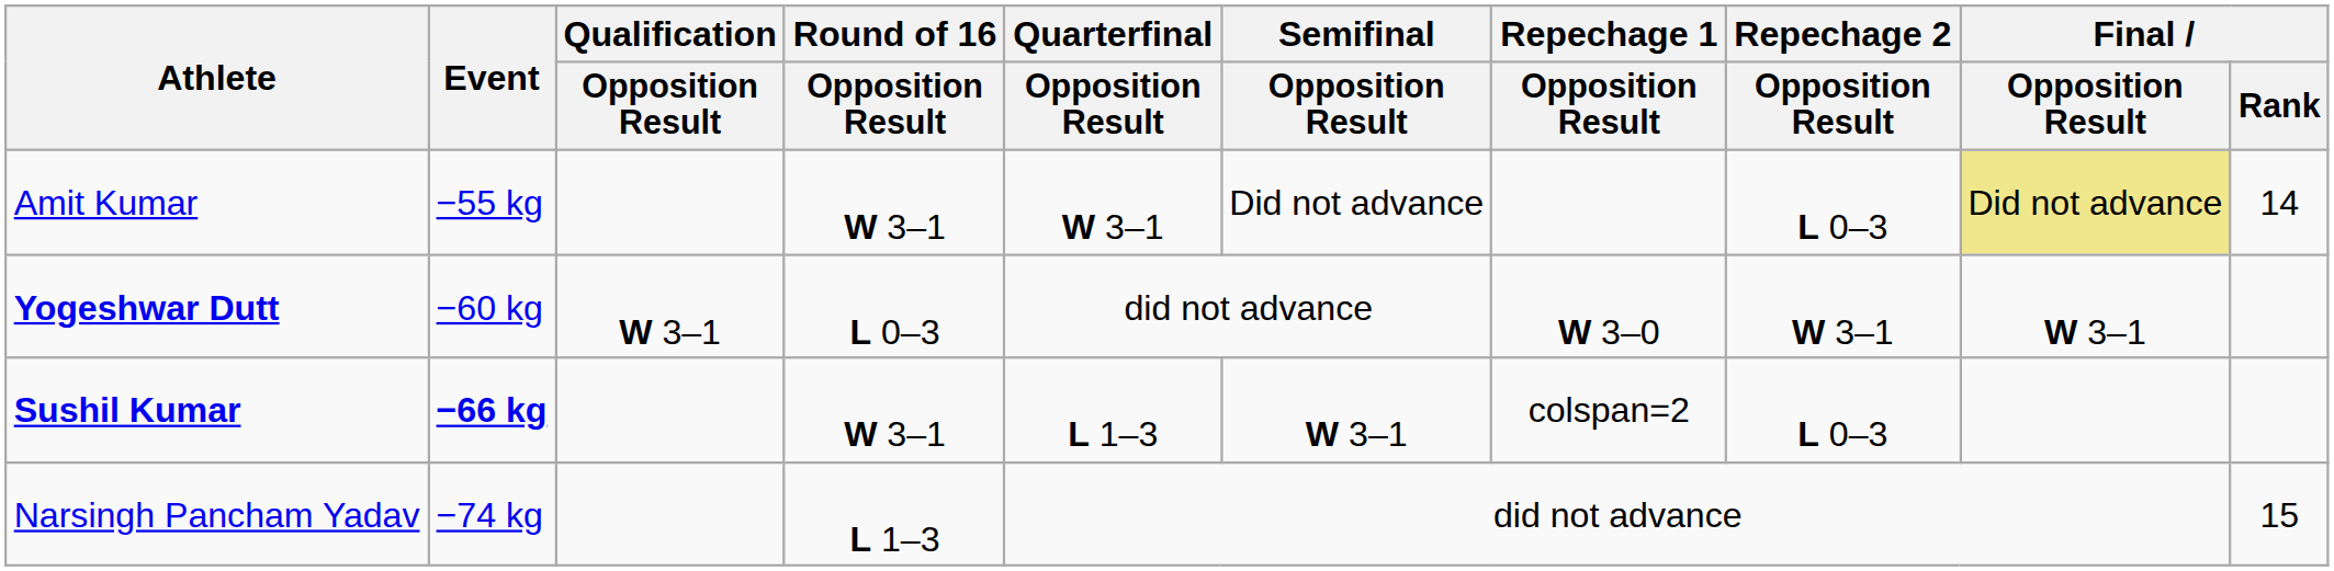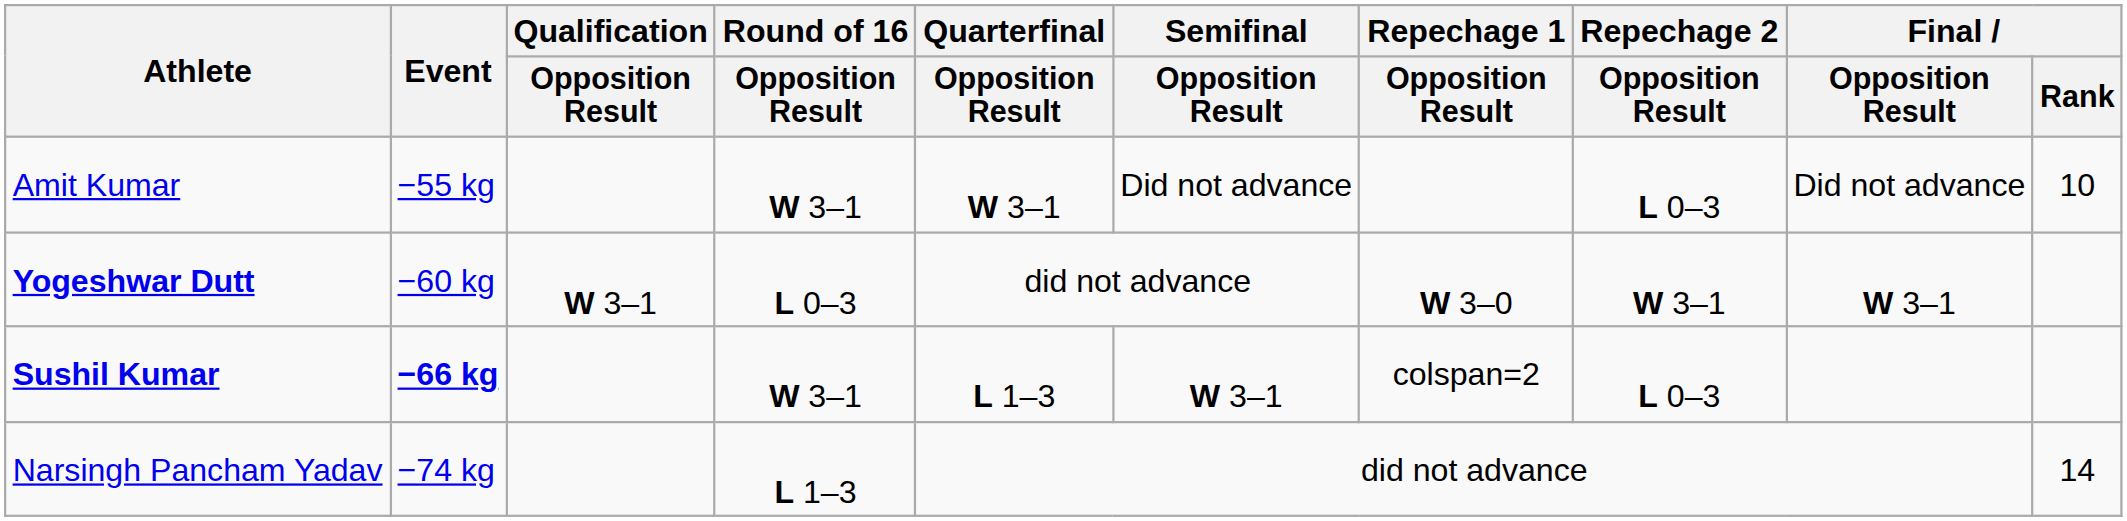 <table class="wikitable" style="font-size:90%">
 <tr>
 <th rowspan="2">Athlete</th>
 <th rowspan="2">Event</th>
 <th>Qualification</th>
 <th>Round of 16</th>
 <th>Quarterfinal</th>
 <th>Semifinal</th>
 <th>Repechage 1</th>
 <th>Repechage 2</th>
 <th colspan=2>Final / </th>
 </tr>
 <tr style="font-size: 95%">
 <th>Opposition<br>Result</th>
 <th>Opposition<br>Result</th>
 <th>Opposition<br>Result</th>
 <th>Opposition<br>Result</th>
 <th>Opposition<br>Result</th>
 <th>Opposition<br>Result</th>
 <th>Opposition<br>Result</th>
 <th>Rank</th>
 </tr>
 <tr align=center>
 <td align=left><a href='#'>Amit Kumar</a></td>
 <td align=left><a href='#'>−55 kg</a></td>
 <td></td>
 <td><br><strong>W</strong> 3–1 <sup></sup></td>
 <td><br><strong>W</strong> 3–1 <sup></sup></td>
 <td>Did not advance</td>
 <td></td>
 <td><br><strong>L</strong> 0–3 <sup></sup></td>
-<td style="background: khaki;">Did not advance</td>
-<td>14</td>
+<td>Did not advance</td>
+<td>10</td>
 </tr>
 <tr align=center>
 <td align=left><strong><a href='#'>Yogeshwar Dutt</a></strong></td>
 <td align=left><a href='#'>−60 kg</a></td>
 <td><br><strong>W</strong> 3–1 <sup></sup></td>
 <td><br><strong>L</strong> 0–3 <sup></sup></td>
 <td colspan=2>did not advance</td>
 <td><br><strong>W</strong> 3–0 <sup></sup></td>
 <td><br><strong>W</strong> 3–1 <sup></sup></td>
 <td><br><strong>W</strong> 3–1 <sup></sup></td>
 <td></td>
 </tr>
 <tr align=center>
 <td align=left><strong><a href='#'>Sushil Kumar</a></strong></td>
 <td align=left><strong><a href='#'>−66 kg</a></strong></td>
 <td></td>
 <td><br><strong>W</strong> 3–1 <sup></sup></td>
 <td><br><strong>L</strong> 1–3 <sup></sup></td>
 <td><br><strong>W</strong> 3–1 <sup></sup></td>
 <td>colspan=2 </td>
 <td><br><strong>L</strong> 0–3 <sup></sup></td>
 <td></td>
 </tr>
 <tr align=center>
 <td align=left><a href='#'>Narsingh Pancham Yadav</a></td>
 <td align=left><a href='#'>−74 kg</a></td>
 <td></td>
 <td><br><strong>L</strong> 1–3 <sup></sup></td>
 <td colspan=5>did not advance</td>
-<td>15</td>
+<td>14</td>
 </tr>
 </table>
